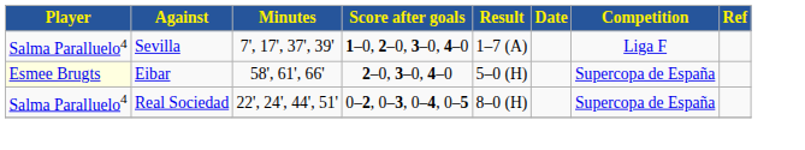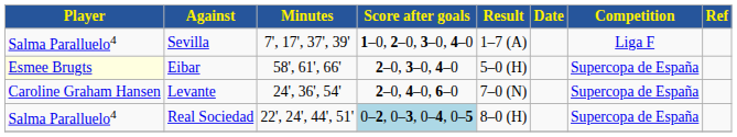 <table class="wikitable">
 <tr>
 <th style="background:#26559B; color:#FFF000; ">Player</th>
 <th style="background:#26559B; color:#FFF000; ">Against</th>
 <th style="background:#26559B; color:#FFF000; text-align:center; ">Minutes</th>
 <th style="background:#26559B; color:#FFF000; text-align:center; ">Score after goals</th>
 <th style="background:#26559B; color:#FFF000; text-align:center; ">Result</th>
 <th style="background:#26559B; color:#FFF000; ">Date</th>
 <th style="background:#26559B; color:#FFF000; text-align:center; ">Competition</th>
 <th style="background:#26559B; color:#FFF000; ">Ref</th>
 </tr>
 <tr>
 <td> <a href='#'>Salma Paralluelo</a><sup>4</sup></td>
 <td> <a href='#'>Sevilla</a></td>
 <td style="text-align:center">7', 17', 37', 39'</td>
 <td style="text-align:center"><strong>1</strong>–0, <strong>2</strong>–0, <strong>3</strong>–0, <strong>4</strong>–0</td>
 <td>1–7 (A)</td>
 <td></td>
 <td style="text-align:center"><a href='#'>Liga F</a></td>
 <td style="text-align:center"></td>
 </tr>
 <tr>
 <td style="background: lightyellow;"> <a href='#'>Esmee Brugts</a></td>
 <td> <a href='#'>Eibar</a></td>
 <td style="text-align:center">58', 61', 66'</td>
 <td style="text-align:center"><strong>2</strong>–0, <strong>3</strong>–0, <strong>4</strong>–0</td>
 <td>5–0 (H)</td>
 <td></td>
 <td style="text-align:center"><a href='#'>Supercopa de España</a></td>
 <td style="text-align:center"></td>
 </tr>
 <tr>
+<td> <a href='#'>Caroline Graham Hansen</a></td>
+<td> <a href='#'>Levante</a></td>
+<td style="text-align:center">24', 36', 54'</td>
+<td style="text-align:center"><strong>2</strong>–0, <strong>4</strong>–0, <strong>6</strong>–0</td>
+<td>7–0 (N)</td>
+<td></td>
+<td style="text-align:center"><a href='#'>Supercopa de España</a></td>
+<td style="text-align:center"></td>
+</tr>
+<tr>
 <td> <a href='#'>Salma Paralluelo</a><sup>4</sup></td>
 <td> <a href='#'>Real Sociedad</a></td>
 <td style="text-align:center">22', 24', 44', 51'</td>
-<td style="text-align:center">0–<strong>2</strong>, 0–<strong>3</strong>, 0–<strong>4</strong>, 0–<strong>5</strong></td>
+<td style="background: lightblue; text-align:center">0–<strong>2</strong>, 0–<strong>3</strong>, 0–<strong>4</strong>, 0–<strong>5</strong></td>
 <td>8–0 (H)</td>
 <td></td>
 <td style="text-align:center"><a href='#'>Supercopa de España</a></td>
 <td style="text-align:center"></td>
 </tr>
 <tr>
 </tr>
 </table>
